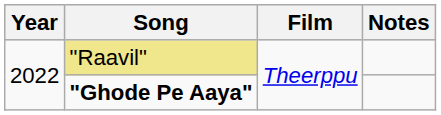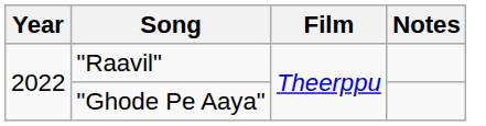 <table class="wikitable sortable" style="font-size:95%; text-align:left;">
 <tr style="background:#ccc; text-align:left;">
 <th>Year</th>
 <th>Song</th>
 <th>Film</th>
 <th>Notes</th>
 </tr>
 <tr>
 <td rowspan=2>2022</td>
-<td style="background: khaki;">"Raavil"</td>
+<td>"Raavil"</td>
 <td rowspan=2><em><a href='#'>Theerppu</a></em></td>
 <td></td>
 </tr>
 <tr>
-<td><strong>"Ghode Pe Aaya"</strong></td>
+<td>"Ghode Pe Aaya"</td>
 <td></td>
 </tr>
 </table>
